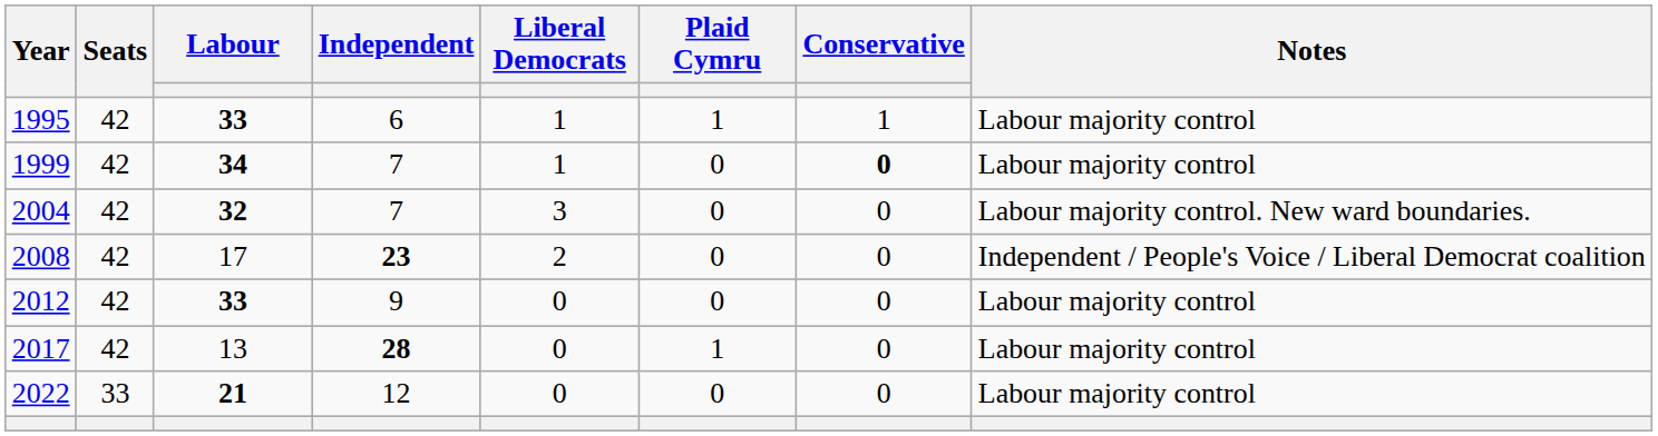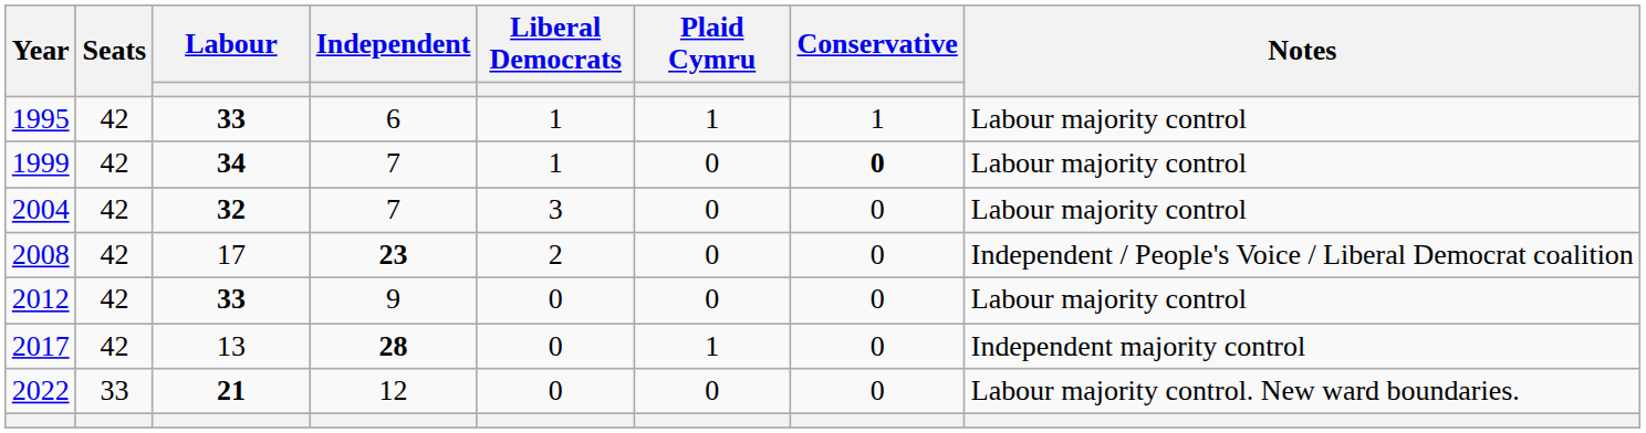 <table class="wikitable" style=text-align:center>
 <tr>
 <th rowspan=2>Year</th>
 <th rowspan=2>Seats</th>
 <th width="80"><a href='#'>Labour</a></th>
 <th width="80"><a href='#'>Independent</a></th>
 <th width="80"><a href='#'>Liberal Democrats</a></th>
 <th width="80"><a href='#'>Plaid Cymru</a></th>
 <th width="80"><a href='#'>Conservative</a></th>
 <th rowspan=2>Notes</th>
 </tr>
 <tr>
 <th style="background-color: "></th>
 <th style="background-color: "></th>
 <th style="background-color: "></th>
 <th style="background-color: "></th>
 <th style="background-color: "></th>
 </tr>
 <tr>
 <td><a href='#'>1995</a></td>
 <td>42</td>
 <td><strong>33</strong></td>
 <td>6</td>
 <td>1</td>
 <td>1</td>
 <td>1</td>
 <td align=left>Labour majority control</td>
 </tr>
 <tr>
 <td><a href='#'>1999</a></td>
 <td>42</td>
 <td><strong>34</strong></td>
 <td>7</td>
 <td>1</td>
 <td>0</td>
 <td><strong>0</strong></td>
 <td align=left>Labour majority control</td>
 </tr>
 <tr>
 <td><a href='#'>2004</a></td>
 <td>42</td>
 <td><strong>32</strong></td>
 <td>7</td>
 <td>3</td>
 <td>0</td>
 <td>0</td>
-<td align=left>Labour majority control. New ward boundaries.</td>
+<td align=left>Labour majority control</td>
 </tr>
 <tr>
 <td><a href='#'>2008</a></td>
 <td>42</td>
 <td>17</td>
 <td><strong>23</strong></td>
 <td>2</td>
 <td>0</td>
 <td>0</td>
 <td align=left>Independent / People's Voice / Liberal Democrat coalition</td>
 </tr>
 <tr>
 <td><a href='#'>2012</a></td>
 <td>42</td>
 <td><strong>33</strong></td>
 <td>9</td>
 <td>0</td>
 <td>0</td>
 <td>0</td>
 <td align=left>Labour majority control</td>
 </tr>
 <tr>
 <td><a href='#'>2017</a></td>
 <td>42</td>
 <td>13</td>
 <td><strong>28</strong></td>
 <td>0</td>
 <td>1</td>
 <td>0</td>
-<td align=left>Labour majority control</td>
+<td align=left>Independent majority control</td>
 </tr>
 <tr>
 <td><a href='#'>2022</a></td>
 <td>33</td>
 <td><strong>21</strong></td>
 <td>12</td>
 <td>0</td>
 <td>0</td>
 <td>0</td>
-<td align=left>Labour majority control</td>
+<td align=left>Labour majority control. New ward boundaries.</td>
 </tr>
 <tr>
 <th></th>
 <th></th>
 <th style="background-color: "></th>
 <th style="background-color: "></th>
 <th style="background-color: "></th>
 <th style="background-color: "></th>
 <th style="background-color: "></th>
 <th></th>
 </tr>
 </table>
